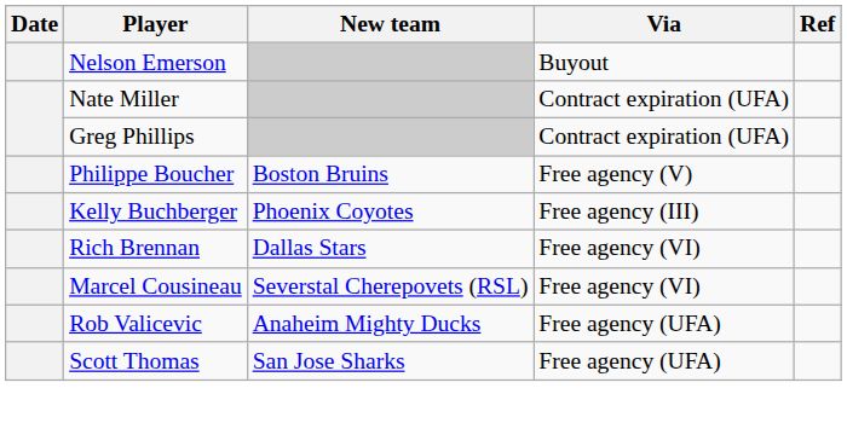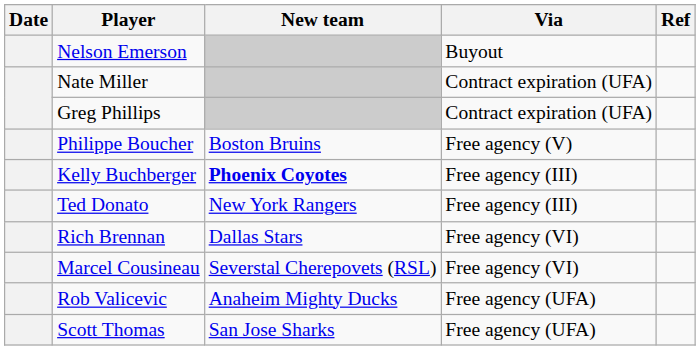 <table class="wikitable plainrowheaders">
 <tr style="background:#ddd; text-align:center;">
 <th>Date</th>
 <th>Player</th>
 <th>New team</th>
 <th>Via</th>
 <th>Ref</th>
 </tr>
 <tr>
 <th scope="row"></th>
 <td><a href='#'>Nelson Emerson</a></td>
 <td style="background:#ccc"></td>
 <td>Buyout</td>
 <td></td>
 </tr>
 <tr>
 <th scope="row" rowspan=2></th>
 <td>Nate Miller</td>
 <td style="background:#ccc"></td>
 <td>Contract expiration (UFA)</td>
 <td></td>
 </tr>
 <tr>
 <td>Greg Phillips</td>
 <td style="background:#ccc"></td>
 <td>Contract expiration (UFA)</td>
 <td></td>
 </tr>
 <tr>
 <th scope="row"></th>
 <td><a href='#'>Philippe Boucher</a></td>
 <td><a href='#'>Boston Bruins</a></td>
 <td>Free agency (V)</td>
 <td></td>
 </tr>
 <tr>
 <th scope="row"></th>
 <td><a href='#'>Kelly Buchberger</a></td>
-<td><a href='#'>Phoenix Coyotes</a></td>
+<td><strong><a href='#'>Phoenix Coyotes</a></strong></td>
+<td>Free agency (III)</td>
+<td></td>
+</tr>
+<tr>
+<th scope="row"></th>
+<td><a href='#'>Ted Donato</a></td>
+<td><a href='#'>New York Rangers</a></td>
 <td>Free agency (III)</td>
 <td></td>
 </tr>
 <tr>
 <th scope="row"></th>
 <td><a href='#'>Rich Brennan</a></td>
 <td><a href='#'>Dallas Stars</a></td>
 <td>Free agency (VI)</td>
 <td></td>
 </tr>
 <tr>
 <th scope="row"></th>
 <td><a href='#'>Marcel Cousineau</a></td>
 <td><a href='#'>Severstal Cherepovets</a> (<a href='#'>RSL</a>)</td>
 <td>Free agency (VI)</td>
 <td></td>
 </tr>
 <tr>
 <th scope="row"></th>
 <td><a href='#'>Rob Valicevic</a></td>
 <td><a href='#'>Anaheim Mighty Ducks</a></td>
 <td>Free agency (UFA)</td>
 <td></td>
 </tr>
 <tr>
 <th scope="row"></th>
 <td><a href='#'>Scott Thomas</a></td>
 <td><a href='#'>San Jose Sharks</a></td>
 <td>Free agency (UFA)</td>
 <td></td>
 </tr>
 </table>
